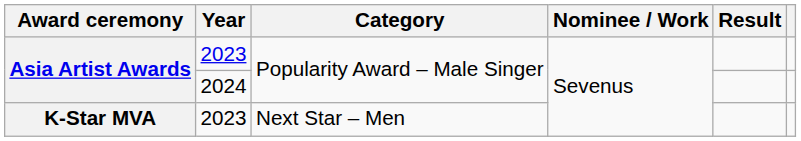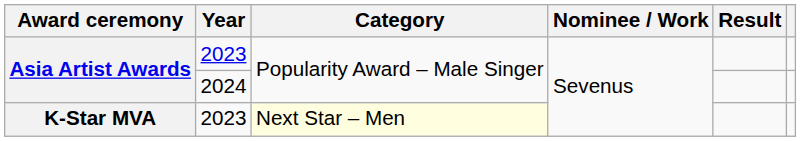 <table class="wikitable plainrowheaders sortable">
 <tr>
 <th scope="col">Award ceremony</th>
 <th scope="col">Year</th>
 <th scope="col">Category</th>
 <th scope="col">Nominee / Work</th>
 <th scope="col">Result</th>
 <th scope="col" class="unsortable"></th>
 </tr>
 <tr>
 <th scope="row" rowspan="2"><a href='#'>Asia Artist Awards</a></th>
 <td><a href='#'>2023</a></td>
 <td rowspan="2">Popularity Award – Male Singer</td>
 <td rowspan="3">Sevenus</td>
 <td></td>
 <td style="text-align:center;"></td>
 </tr>
 <tr>
 <td>2024</td>
 <td></td>
 <td style="text-align:center;"></td>
 </tr>
 <tr>
 <th scope="row">K-Star MVA</th>
 <td>2023</td>
-<td>Next Star – Men</td>
+<td style="background: lightyellow;">Next Star – Men</td>
 <td></td>
 <td style="text-align:center;"></td>
 </tr>
 </table>
